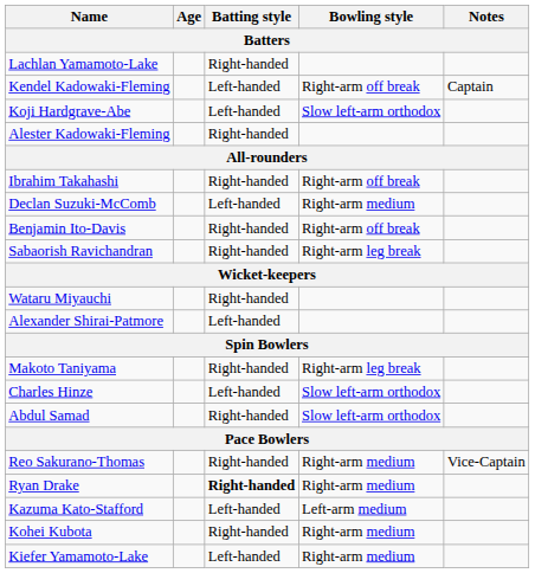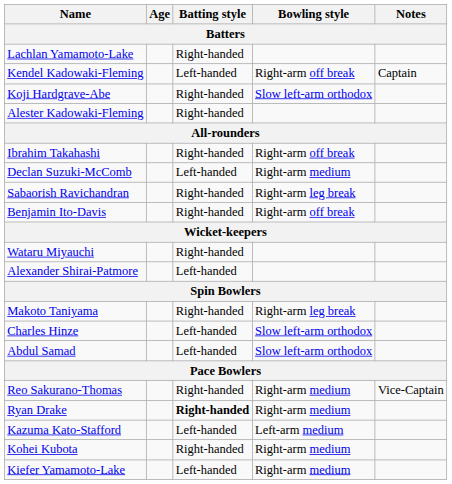 <table class="wikitable">
 <tr>
 <th style="text-align:center;">Name</th>
 <th style="text-align:center;">Age</th>
 <th style="text-align:center;">Batting style</th>
 <th style="text-align:center;">Bowling style</th>
 <th style="text-align:center;">Notes</th>
 </tr>
 <tr>
 <th colspan="5">Batters</th>
 </tr>
 <tr>
 <td><a href='#'>Lachlan Yamamoto-Lake</a></td>
 <td></td>
 <td>Right-handed</td>
 <td></td>
 <td></td>
 </tr>
 <tr>
 <td><a href='#'>Kendel Kadowaki-Fleming</a></td>
 <td></td>
 <td>Left-handed</td>
 <td>Right-arm <a href='#'>off break</a></td>
 <td>Captain</td>
 </tr>
 <tr>
 <td><a href='#'>Koji Hardgrave-Abe</a></td>
 <td></td>
-<td>Left-handed</td>
+<td>Right-handed</td>
 <td><a href='#'>Slow left-arm orthodox</a></td>
 <td></td>
 </tr>
 <tr>
 <td><a href='#'>Alester Kadowaki-Fleming</a></td>
 <td></td>
 <td>Right-handed</td>
 <td></td>
 <td></td>
 </tr>
 <tr>
 <th colspan="5">All-rounders</th>
 </tr>
 <tr>
 <td><a href='#'>Ibrahim Takahashi</a></td>
 <td></td>
 <td>Right-handed</td>
 <td>Right-arm <a href='#'>off break</a></td>
 <td></td>
 </tr>
 <tr>
 <td><a href='#'>Declan Suzuki-McComb</a></td>
 <td></td>
 <td>Left-handed</td>
 <td>Right-arm <a href='#'>medium</a></td>
 <td></td>
 </tr>
 <tr>
+<td><a href='#'>Sabaorish Ravichandran</a></td>
+<td></td>
+<td>Right-handed</td>
+<td>Right-arm <a href='#'>leg break</a></td>
+<td></td>
+</tr>
+<tr>
 <td><a href='#'>Benjamin Ito-Davis</a></td>
 <td></td>
 <td>Right-handed</td>
 <td>Right-arm <a href='#'>off break</a></td>
-<td></td>
-</tr>
-<tr>
-<td><a href='#'>Sabaorish Ravichandran</a></td>
-<td></td>
-<td>Right-handed</td>
-<td>Right-arm <a href='#'>leg break</a></td>
 <td></td>
 </tr>
 <tr>
 <th colspan="5">Wicket-keepers</th>
 </tr>
 <tr>
 <td><a href='#'>Wataru Miyauchi</a></td>
 <td></td>
 <td>Right-handed</td>
 <td></td>
 <td></td>
 </tr>
 <tr>
 <td><a href='#'>Alexander Shirai-Patmore</a></td>
 <td></td>
 <td>Left-handed</td>
 <td></td>
 <td></td>
 </tr>
 <tr>
 <th colspan="5">Spin Bowlers</th>
 </tr>
 <tr>
 <td><a href='#'>Makoto Taniyama</a></td>
 <td></td>
 <td>Right-handed</td>
 <td>Right-arm <a href='#'>leg break</a></td>
 <td></td>
 </tr>
 <tr>
 <td><a href='#'>Charles Hinze</a></td>
 <td></td>
 <td>Left-handed</td>
 <td><a href='#'>Slow left-arm orthodox</a></td>
 <td></td>
 </tr>
 <tr>
 <td><a href='#'>Abdul Samad</a></td>
 <td></td>
-<td>Right-handed</td>
+<td>Left-handed</td>
 <td><a href='#'>Slow left-arm orthodox</a></td>
 <td></td>
 </tr>
 <tr>
 <th colspan="5">Pace Bowlers</th>
 </tr>
 <tr>
 <td><a href='#'>Reo Sakurano-Thomas</a></td>
 <td></td>
 <td>Right-handed</td>
 <td>Right-arm <a href='#'>medium</a></td>
 <td>Vice-Captain</td>
 </tr>
 <tr>
 <td><a href='#'>Ryan Drake</a></td>
 <td></td>
 <td><strong>Right-handed</strong></td>
 <td>Right-arm <a href='#'>medium</a></td>
 <td></td>
 </tr>
 <tr>
 <td><a href='#'>Kazuma Kato-Stafford</a></td>
 <td></td>
 <td>Left-handed</td>
 <td>Left-arm <a href='#'>medium</a></td>
 <td></td>
 </tr>
 <tr>
 <td><a href='#'>Kohei Kubota</a></td>
 <td></td>
 <td>Right-handed</td>
 <td>Right-arm <a href='#'>medium</a></td>
 <td></td>
 </tr>
 <tr>
 <td><a href='#'>Kiefer Yamamoto-Lake</a></td>
 <td></td>
 <td>Left-handed</td>
 <td>Right-arm <a href='#'>medium</a></td>
 <td></td>
 </tr>
 </table>
